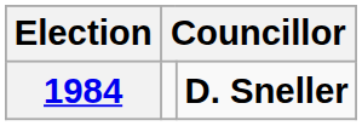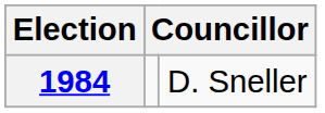 <table class="wikitable" style="text-align:center">
 <tr>
 <th>Election</th>
 <th colspan=2>Councillor</th>
 </tr>
 <tr>
 <th><a href='#'>1984</a></th>
 <td style="background-color: "></td>
-<td><strong>D. Sneller</strong></td>
+<td>D. Sneller</td>
 </tr>
 </table>
